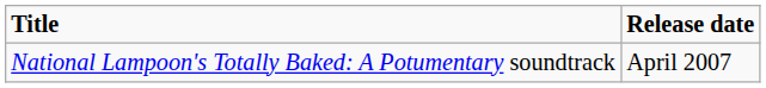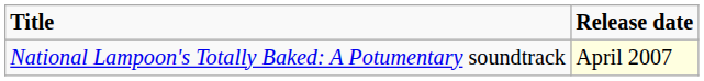 <table class="wikitable">
 <tr>
 <td><strong>Title</strong></td>
 <td><strong>Release date</strong></td>
 </tr>
 <tr>
 <td><em><a href='#'>National Lampoon's Totally Baked: A Potumentary</a></em> soundtrack</td>
-<td>April 2007</td>
+<td style="background: lightyellow;">April 2007</td>
 </tr>
 </table>
